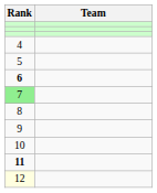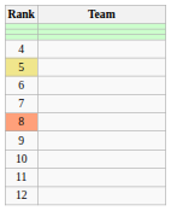 <table class="wikitable">
 <tr>
 <th>Rank</th>
 <th width=170>Team</th>
 </tr>
 <tr bgcolor=ccffcc>
 <td align=center></td>
 <td></td>
 </tr>
 <tr bgcolor=ccffcc>
 <td align=center></td>
 <td></td>
 </tr>
 <tr bgcolor=ccffcc>
 <td align=center></td>
 <td></td>
 </tr>
 <tr>
 <td align=center>4</td>
 <td></td>
 </tr>
 <tr>
-<td align=center>5</td>
+<td align=center style="background: khaki;">5</td>
 <td></td>
 </tr>
 <tr>
-<td align=center><strong>6</strong></td>
+<td align=center>6</td>
 <td></td>
 </tr>
 <tr>
-<td align=center style="background: lightgreen;">7</td>
+<td align=center>7</td>
 <td></td>
 </tr>
 <tr>
-<td align=center>8</td>
+<td align=center style="background: lightsalmon;">8</td>
 <td></td>
 </tr>
 <tr>
 <td align=center>9</td>
 <td></td>
 </tr>
 <tr>
 <td align=center>10</td>
 <td></td>
 </tr>
 <tr>
-<td align=center><strong>11</strong></td>
+<td align=center>11</td>
 <td></td>
 </tr>
 <tr>
-<td align=center style="background: lightyellow;">12</td>
+<td align=center>12</td>
 <td></td>
 </tr>
 </table>
